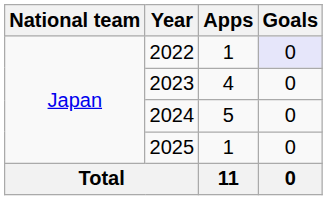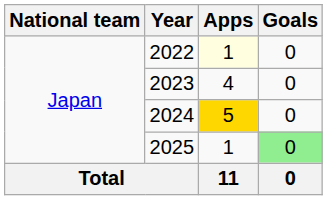 <table class="wikitable" style="text-align:center">
 <tr>
 <th>National team</th>
 <th>Year</th>
 <th>Apps</th>
 <th>Goals</th>
 </tr>
 <tr>
 <td rowspan="4"><a href='#'>Japan</a></td>
 <td>2022</td>
-<td>1</td>
-<td style="background: lavender;">0</td>
+<td style="background: lightyellow;">1</td>
+<td>0</td>
 </tr>
 <tr>
 <td>2023</td>
 <td>4</td>
 <td>0</td>
 </tr>
 <tr>
 <td>2024</td>
-<td>5</td>
+<td style="background: gold;">5</td>
 <td>0</td>
 </tr>
 <tr>
 <td>2025</td>
 <td>1</td>
-<td>0</td>
+<td style="background: lightgreen;">0</td>
 </tr>
 <tr>
 <th colspan="2">Total</th>
 <th>11</th>
 <th>0</th>
 </tr>
 </table>
